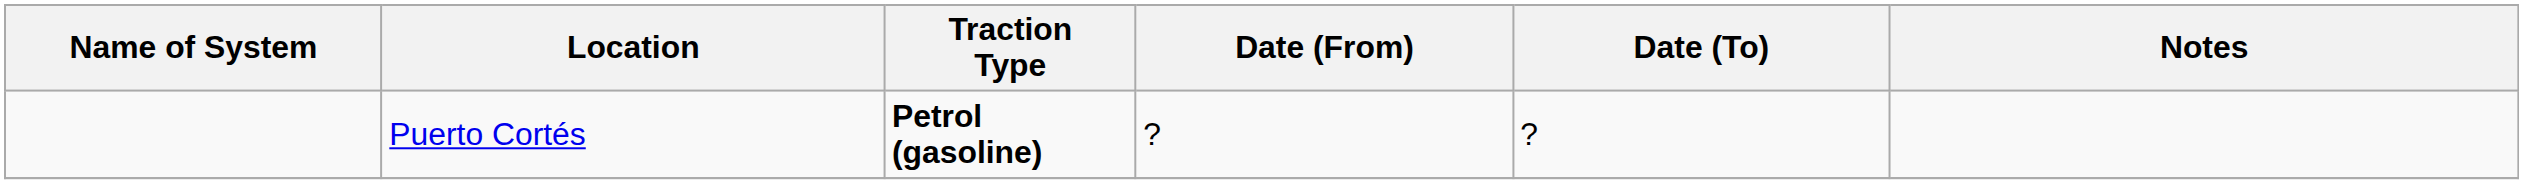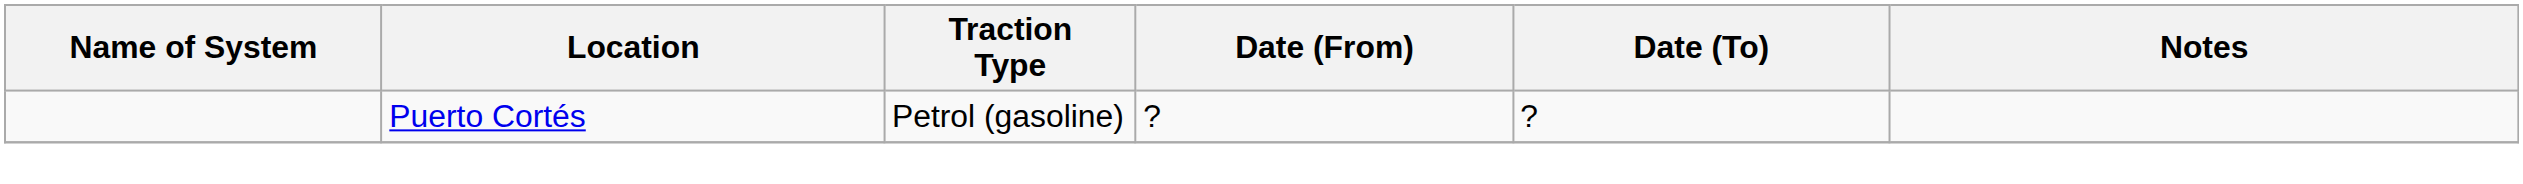 <table class="wikitable" width=100%>
 <tr>
 <th width=15%>Name of System</th>
 <th width=20%>Location</th>
 <th width=10%>Traction<br>Type</th>
 <th width=15%>Date (From)</th>
 <th width=15%>Date (To)</th>
 <th width=25%>Notes</th>
 </tr>
 <tr>
 <td> </td>
 <td><a href='#'>Puerto Cortés</a></td>
-<td><strong>Petrol (gasoline)</strong></td>
+<td>Petrol (gasoline)</td>
 <td>?</td>
 <td>?</td>
 <td> </td>
 </tr>
 <tr>
 </tr>
 </table>
